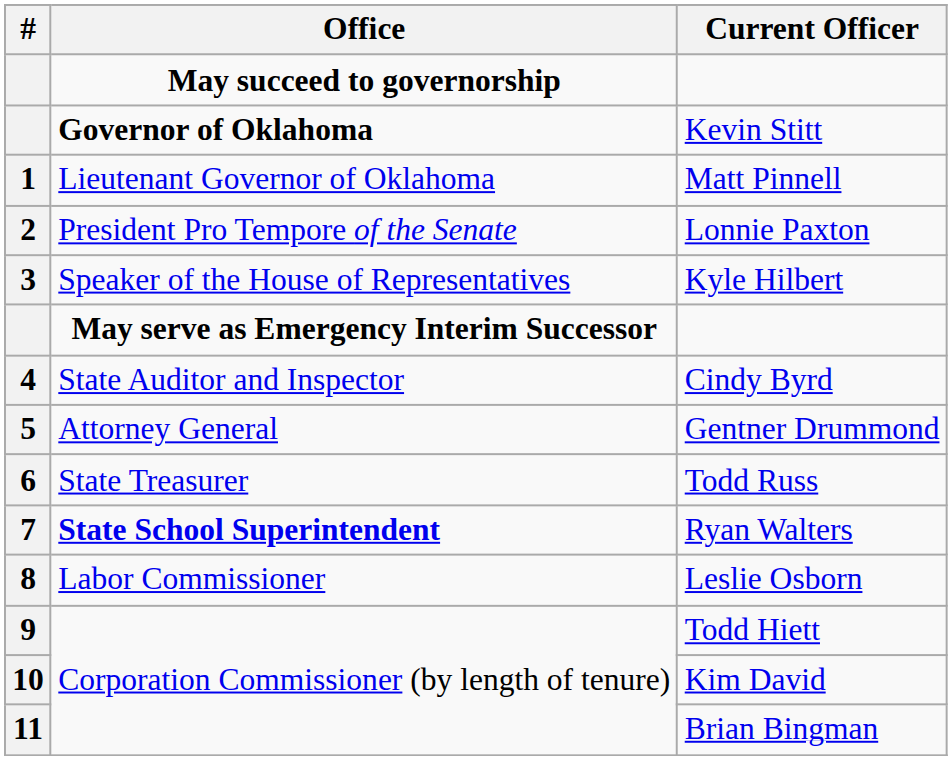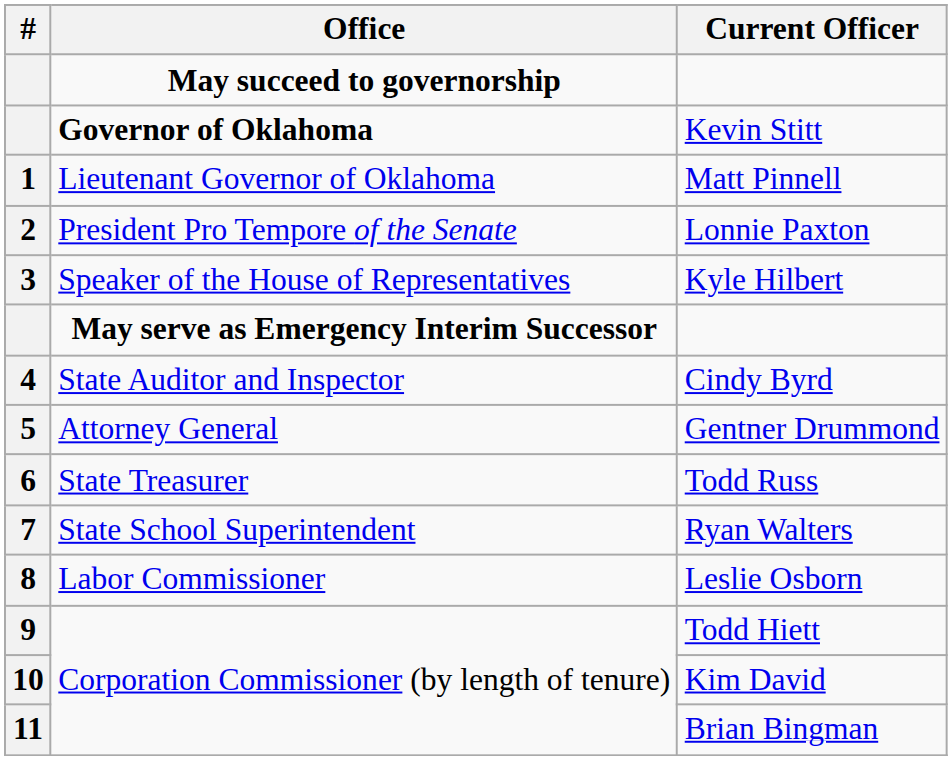 <table class=wikitable>
 <tr>
 <th>#</th>
 <th>Office</th>
 <th>Current Officer</th>
 </tr>
 <tr>
 <th></th>
 <td align=center><strong>May succeed to governorship</strong></td>
 <td></td>
 </tr>
 <tr>
 <th></th>
 <td><strong>Governor of Oklahoma</strong></td>
 <td><a href='#'>Kevin Stitt</a></td>
 </tr>
 <tr>
 <th>1</th>
 <td><a href='#'>Lieutenant Governor of Oklahoma</a></td>
 <td><a href='#'>Matt Pinnell</a></td>
 </tr>
 <tr>
 <th>2</th>
 <td><a href='#'>President Pro Tempore <em>of the Senate</em></a></td>
 <td><a href='#'>Lonnie Paxton</a></td>
 </tr>
 <tr>
 <th>3</th>
 <td><a href='#'>Speaker of the House of Representatives</a></td>
 <td><a href='#'>Kyle Hilbert</a></td>
 </tr>
 <tr>
 <th></th>
 <td align=center><strong>May serve as Emergency Interim Successor</strong></td>
 <td></td>
 </tr>
 <tr>
 <th>4</th>
 <td><a href='#'>State Auditor and Inspector</a></td>
 <td><a href='#'>Cindy Byrd</a></td>
 </tr>
 <tr>
 <th>5</th>
 <td><a href='#'>Attorney General</a></td>
 <td><a href='#'>Gentner Drummond</a></td>
 </tr>
 <tr>
 <th>6</th>
 <td><a href='#'>State Treasurer</a></td>
 <td><a href='#'>Todd Russ</a></td>
 </tr>
 <tr>
 <th>7</th>
-<td><strong><a href='#'>State School Superintendent</a></strong></td>
+<td><a href='#'>State School Superintendent</a></td>
 <td><a href='#'>Ryan Walters</a></td>
 </tr>
 <tr>
 <th>8</th>
 <td><a href='#'>Labor Commissioner</a></td>
 <td><a href='#'>Leslie Osborn</a></td>
 </tr>
 <tr>
 <th>9</th>
 <td rowspan="3"><a href='#'>Corporation Commissioner</a> (by length of tenure)</td>
 <td><a href='#'>Todd Hiett</a></td>
 </tr>
 <tr>
 <th>10</th>
 <td><a href='#'>Kim David</a></td>
 </tr>
 <tr>
 <th>11</th>
 <td><a href='#'>Brian Bingman</a></td>
 </tr>
 <tr>
 </tr>
 </table>
